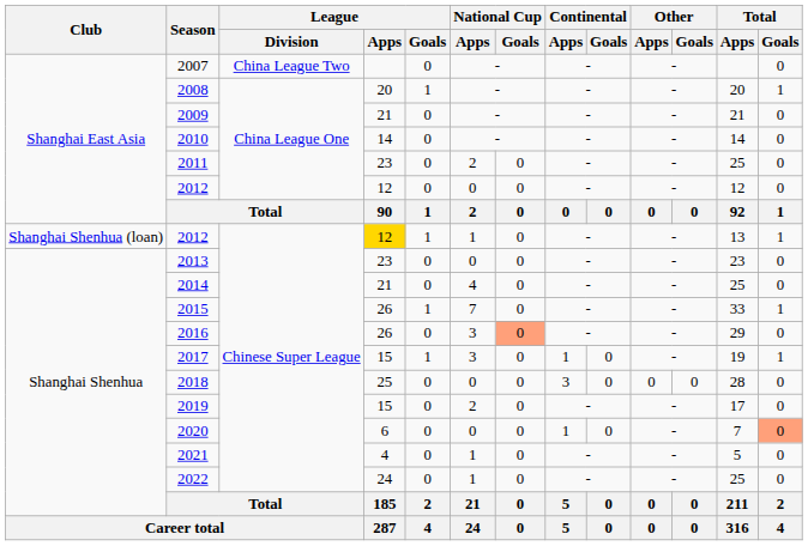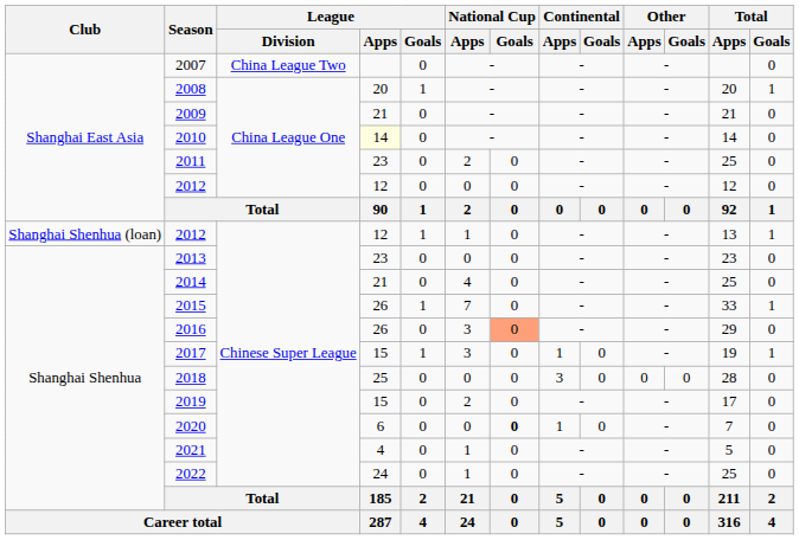 <table class="wikitable" style="text-align: center">
 <tr>
 <th rowspan="2">Club</th>
 <th rowspan="2">Season</th>
 <th colspan="3">League</th>
 <th colspan="2">National Cup</th>
 <th colspan="2">Continental</th>
 <th colspan="2">Other</th>
 <th colspan="2">Total</th>
 </tr>
 <tr>
 <th>Division</th>
 <th>Apps</th>
 <th>Goals</th>
 <th>Apps</th>
 <th>Goals</th>
 <th>Apps</th>
 <th>Goals</th>
 <th>Apps</th>
 <th>Goals</th>
 <th>Apps</th>
 <th>Goals</th>
 </tr>
 <tr>
 <td rowspan="7"><a href='#'>Shanghai East Asia</a></td>
 <td>2007</td>
 <td><a href='#'>China League Two</a></td>
 <td></td>
 <td>0</td>
 <td colspan="2">-</td>
 <td colspan="2">-</td>
 <td colspan="2">-</td>
 <td></td>
 <td>0</td>
 </tr>
 <tr>
 <td><a href='#'>2008</a></td>
 <td rowspan="5"><a href='#'>China League One</a></td>
 <td>20</td>
 <td>1</td>
 <td colspan="2">-</td>
 <td colspan="2">-</td>
 <td colspan="2">-</td>
 <td>20</td>
 <td>1</td>
 </tr>
 <tr>
 <td><a href='#'>2009</a></td>
 <td>21</td>
 <td>0</td>
 <td colspan="2">-</td>
 <td colspan="2">-</td>
 <td colspan="2">-</td>
 <td>21</td>
 <td>0</td>
 </tr>
 <tr>
 <td><a href='#'>2010</a></td>
-<td>14</td>
+<td style="background: lightyellow;">14</td>
 <td>0</td>
 <td colspan="2">-</td>
 <td colspan="2">-</td>
 <td colspan="2">-</td>
 <td>14</td>
 <td>0</td>
 </tr>
 <tr>
 <td><a href='#'>2011</a></td>
 <td>23</td>
 <td>0</td>
 <td>2</td>
 <td>0</td>
 <td colspan="2">-</td>
 <td colspan="2">-</td>
 <td>25</td>
 <td>0</td>
 </tr>
 <tr>
 <td><a href='#'>2012</a></td>
 <td>12</td>
 <td>0</td>
 <td>0</td>
 <td>0</td>
 <td colspan="2">-</td>
 <td colspan="2">-</td>
 <td>12</td>
 <td>0</td>
 </tr>
 <tr>
 <th colspan="2"><strong>Total</strong></th>
 <th>90</th>
 <th>1</th>
 <th>2</th>
 <th>0</th>
 <th>0</th>
 <th>0</th>
 <th>0</th>
 <th>0</th>
 <th>92</th>
 <th>1</th>
 </tr>
 <tr>
 <td><a href='#'>Shanghai Shenhua</a> (loan)</td>
 <td><a href='#'>2012</a></td>
 <td rowspan="11"><a href='#'>Chinese Super League</a></td>
-<td style="background: gold;">12</td>
+<td>12</td>
 <td>1</td>
 <td>1</td>
 <td>0</td>
 <td colspan="2">-</td>
 <td colspan="2">-</td>
 <td>13</td>
 <td>1</td>
 </tr>
 <tr>
 <td rowspan="11">Shanghai Shenhua</td>
 <td><a href='#'>2013</a></td>
 <td>23</td>
 <td>0</td>
 <td>0</td>
 <td>0</td>
 <td colspan="2">-</td>
 <td colspan="2">-</td>
 <td>23</td>
 <td>0</td>
 </tr>
 <tr>
 <td><a href='#'>2014</a></td>
 <td>21</td>
 <td>0</td>
 <td>4</td>
 <td>0</td>
 <td colspan="2">-</td>
 <td colspan="2">-</td>
 <td>25</td>
 <td>0</td>
 </tr>
 <tr>
 <td><a href='#'>2015</a></td>
 <td>26</td>
 <td>1</td>
 <td>7</td>
 <td>0</td>
 <td colspan="2">-</td>
 <td colspan="2">-</td>
 <td>33</td>
 <td>1</td>
 </tr>
 <tr>
 <td><a href='#'>2016</a></td>
 <td>26</td>
 <td>0</td>
 <td>3</td>
 <td style="background: lightsalmon;">0</td>
 <td colspan="2">-</td>
 <td colspan="2">-</td>
 <td>29</td>
 <td>0</td>
 </tr>
 <tr>
 <td><a href='#'>2017</a></td>
 <td>15</td>
 <td>1</td>
 <td>3</td>
 <td>0</td>
 <td>1</td>
 <td>0</td>
 <td colspan="2">-</td>
 <td>19</td>
 <td>1</td>
 </tr>
 <tr>
 <td><a href='#'>2018</a></td>
 <td>25</td>
 <td>0</td>
 <td>0</td>
 <td>0</td>
 <td>3</td>
 <td>0</td>
 <td>0</td>
 <td>0</td>
 <td>28</td>
 <td>0</td>
 </tr>
 <tr>
 <td><a href='#'>2019</a></td>
 <td>15</td>
 <td>0</td>
 <td>2</td>
 <td>0</td>
 <td colspan="2">-</td>
 <td colspan="2">-</td>
 <td>17</td>
 <td>0</td>
 </tr>
 <tr>
 <td><a href='#'>2020</a></td>
 <td>6</td>
 <td>0</td>
 <td>0</td>
-<td>0</td>
+<td><strong>0</strong></td>
 <td>1</td>
 <td>0</td>
 <td colspan="2">-</td>
 <td>7</td>
-<td style="background: lightsalmon;">0</td>
+<td>0</td>
 </tr>
 <tr>
 <td><a href='#'>2021</a></td>
 <td>4</td>
 <td>0</td>
 <td>1</td>
 <td>0</td>
 <td colspan="2">-</td>
 <td colspan="2">-</td>
 <td>5</td>
 <td>0</td>
 </tr>
 <tr>
 <td><a href='#'>2022</a></td>
 <td>24</td>
 <td>0</td>
 <td>1</td>
 <td>0</td>
 <td colspan="2">-</td>
 <td colspan="2">-</td>
 <td>25</td>
 <td>0</td>
 </tr>
 <tr>
 <th colspan="2"><strong>Total</strong></th>
 <th>185</th>
 <th>2</th>
 <th>21</th>
 <th>0</th>
 <th>5</th>
 <th>0</th>
 <th>0</th>
 <th>0</th>
 <th>211</th>
 <th>2</th>
 </tr>
 <tr>
 <th colspan=3>Career total</th>
 <th>287</th>
 <th>4</th>
 <th>24</th>
 <th>0</th>
 <th>5</th>
 <th>0</th>
 <th>0</th>
 <th>0</th>
 <th>316</th>
 <th>4</th>
 </tr>
 </table>
